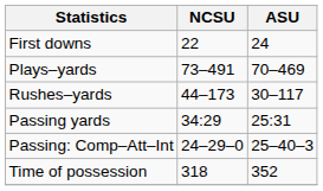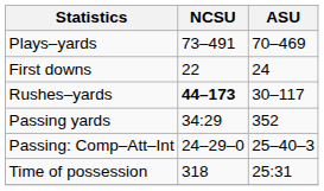 <table class="wikitable">
 <tr>
 <th>Statistics</th>
 <th>NCSU</th>
 <th>ASU</th>
 </tr>
 <tr>
+<td>Plays–yards</td>
+<td>73–491</td>
+<td>70–469</td>
+</tr>
+<tr>
 <td>First downs</td>
 <td>22</td>
 <td>24</td>
 </tr>
 <tr>
-<td>Plays–yards</td>
-<td>73–491</td>
-<td>70–469</td>
-</tr>
-<tr>
 <td>Rushes–yards</td>
-<td>44–173</td>
+<td><strong>44–173</strong></td>
 <td>30–117</td>
 </tr>
 <tr>
 <td>Passing yards</td>
 <td>34:29</td>
-<td>25:31</td>
+<td>352</td>
 </tr>
 <tr>
 <td>Passing: Comp–Att–Int</td>
 <td>24–29–0</td>
 <td>25–40–3</td>
 </tr>
 <tr>
 <td>Time of possession</td>
 <td>318</td>
-<td>352</td>
+<td>25:31</td>
 </tr>
 <tr>
 </tr>
 </table>
